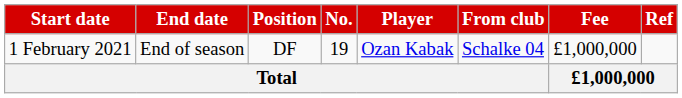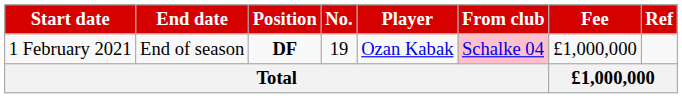 <table class="wikitable sortable">
 <tr>
 <th style="background:#d50000; color:white;">Start date</th>
 <th style="background:#d50000; color:white;">End date</th>
 <th style="background:#d50000; color:white;">Position</th>
 <th style="background:#d50000; color:white;">No.</th>
 <th style="background:#d50000; color:white;">Player</th>
 <th style="background:#d50000; color:white;">From club</th>
 <th style="background:#d50000; color:white;">Fee</th>
 <th style="background:#d50000; color:white;">Ref</th>
 </tr>
 <tr>
 <td>1 February 2021</td>
 <td>End of season</td>
-<td style="text-align:center;">DF</td>
+<td style="text-align:center;"><strong>DF</strong></td>
 <td style="text-align:center;">19</td>
 <td style="text-align:left;"> <a href='#'>Ozan Kabak</a></td>
-<td style="text-align:left;"> <a href='#'>Schalke 04</a></td>
+<td style="background: pink; text-align:left;"> <a href='#'>Schalke 04</a></td>
 <td>£1,000,000</td>
 <td></td>
 </tr>
 <tr>
 <th colspan="6">Total</th>
 <th colspan="2">£1,000,000</th>
 </tr>
 </table>
